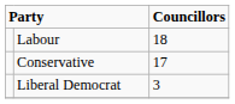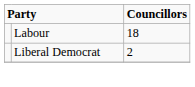 <table class="wikitable">
 <tr>
 <td width="150" colspan=2><strong>Party</strong></td>
 <td><strong>Councillors</strong></td>
 </tr>
 <tr>
 <td style="color:inherit;background:"></td>
 <td>Labour</td>
 <td>18</td>
 </tr>
 <tr>
 <td style="color:inherit;background:"></td>
-<td>Conservative</td>
-<td>17</td>
-</tr>
-<tr>
-<td style="color:inherit;background:"></td>
 <td>Liberal Democrat</td>
-<td>3</td>
+<td>2</td>
 </tr>
 <tr>
 </tr>
 </table>
